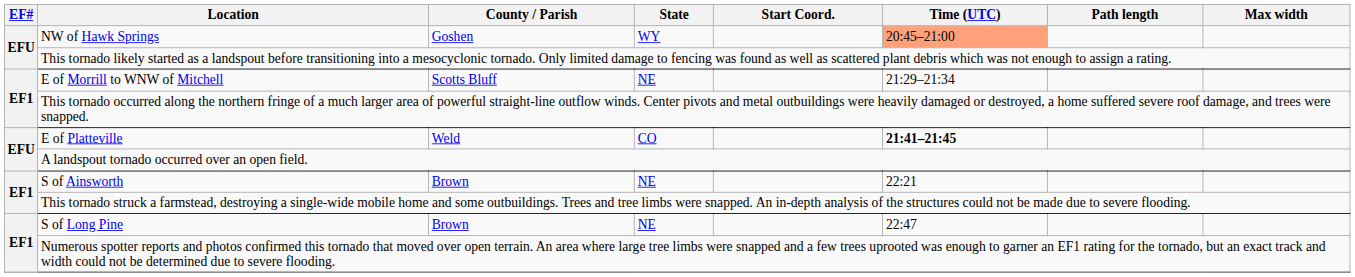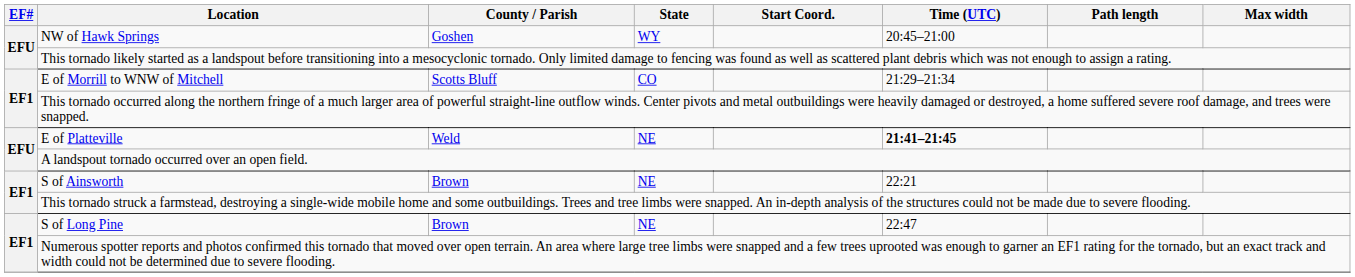 <table class="wikitable sortable" style="width:100%;">
 <tr>
 <th scope="col" width="2%" align="center"><a href='#'>EF#</a></th>
 <th scope="col" align="center" class="unsortable">Location</th>
 <th scope="col" align="center" class="unsortable">County / Parish</th>
 <th scope="col" align="center">State</th>
 <th scope="col" align="center">Start Coord.</th>
 <th scope="col" align="center">Time (<a href='#'>UTC</a>)</th>
 <th scope="col" align="center">Path length</th>
 <th scope="col" align="center">Max width</th>
 </tr>
 <tr>
 <th scope="row" rowspan="2" style="background-color:#">EFU</th>
 <td>NW of <a href='#'>Hawk Springs</a></td>
 <td><a href='#'>Goshen</a></td>
 <td><a href='#'>WY</a></td>
 <td></td>
-<td style="background: lightsalmon;">20:45–21:00</td>
+<td>20:45–21:00</td>
 <td></td>
 <td></td>
 </tr>
 <tr class="expand-child">
 <td colspan="8" style=" border-bottom: 1px solid black;">This tornado likely started as a landspout before transitioning into a mesocyclonic tornado. Only limited damage to fencing was found as well as scattered plant debris which was not enough to assign a rating.</td>
 </tr>
 <tr>
 <th scope="row" rowspan="2" style="background-color:#">EF1</th>
 <td>E of <a href='#'>Morrill</a> to WNW of <a href='#'>Mitchell</a></td>
 <td><a href='#'>Scotts Bluff</a></td>
-<td><a href='#'>NE</a></td>
+<td><a href='#'>CO</a></td>
 <td></td>
 <td>21:29–21:34</td>
 <td></td>
 <td></td>
 </tr>
 <tr class="expand-child">
 <td colspan="8" style=" border-bottom: 1px solid black;">This tornado occurred along the northern fringe of a much larger area of powerful  straight-line outflow winds. Center pivots and metal outbuildings were heavily damaged or destroyed, a home suffered severe roof damage, and trees were snapped.</td>
 </tr>
 <tr>
 <th scope="row" rowspan="2" style="background-color:#">EFU</th>
 <td>E of <a href='#'>Platteville</a></td>
 <td><a href='#'>Weld</a></td>
-<td><a href='#'>CO</a></td>
+<td><a href='#'>NE</a></td>
 <td></td>
 <td><strong>21:41–21:45</strong></td>
 <td></td>
 <td></td>
 </tr>
 <tr class="expand-child">
 <td colspan="8" style=" border-bottom: 1px solid black;">A landspout tornado occurred over an open field.</td>
 </tr>
 <tr>
 <th scope="row" rowspan="2" style="background-color:#">EF1</th>
 <td>S of <a href='#'>Ainsworth</a></td>
 <td><a href='#'>Brown</a></td>
 <td><a href='#'>NE</a></td>
 <td></td>
 <td>22:21</td>
 <td></td>
 <td></td>
 </tr>
 <tr class="expand-child">
 <td colspan="8" style=" border-bottom: 1px solid black;">This tornado struck a farmstead, destroying a single-wide mobile home and some outbuildings. Trees and tree limbs were snapped. An in-depth analysis of the structures could not be made due to severe flooding.</td>
 </tr>
 <tr>
 <th scope="row" rowspan="2" style="background-color:#">EF1</th>
 <td>S of <a href='#'>Long Pine</a></td>
 <td><a href='#'>Brown</a></td>
 <td><a href='#'>NE</a></td>
 <td></td>
 <td>22:47</td>
 <td></td>
 <td></td>
 </tr>
 <tr class="expand-child">
 <td colspan="8" style=" border-bottom: 1px solid black;">Numerous spotter reports and photos confirmed this tornado that moved over open terrain. An area where large tree limbs were snapped and a few trees uprooted was enough to garner an EF1 rating for the tornado, but an exact track and width could not be determined due to severe flooding.</td>
 </tr>
 <tr>
 </tr>
 </table>
